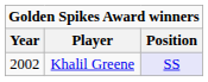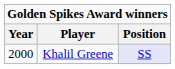 <table class="wikitable">
 <tr>
 <td colspan="3"><strong>Golden Spikes Award winners</strong> </td>
 </tr>
 <tr>
 <th>Year</th>
 <th>Player</th>
 <th>Position</th>
 </tr>
 <tr style="text-align:center;">
-<td>2002</td>
+<td>2000</td>
 <td><a href='#'>Khalil Greene</a></td>
 <td style="background: lavender;"><a href='#'>SS</a></td>
 </tr>
 </table>
